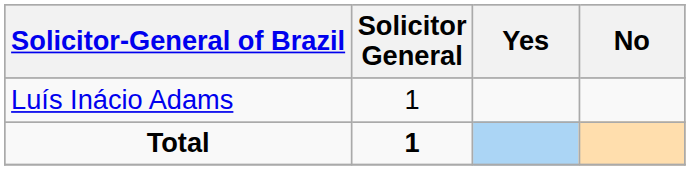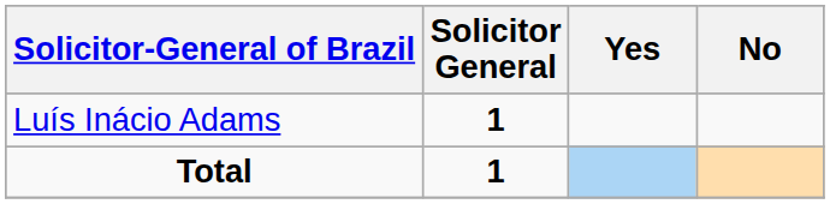 <table class="wikitable">
 <tr>
 <th><a href='#'>Solicitor-General of Brazil</a></th>
 <th width="55pt">Solicitor General</th>
 <th width="55pt">Yes</th>
 <th width="55pt">No</th>
 </tr>
 <tr>
 <td align="left"><a href='#'>Luís Inácio Adams</a></td>
-<td align="center">1</td>
+<td align="center"><strong>1</strong></td>
 <td align="center"></td>
 <td align="center"></td>
 </tr>
 <tr>
 <td align="center"><strong>Total</strong></td>
 <td align="center"><strong>1</strong></td>
 <td align="center" bgcolor="#abd5f5"></td>
 <td align="center" bgcolor="#FFDEAD"></td>
 </tr>
 <tr>
 </tr>
 </table>
